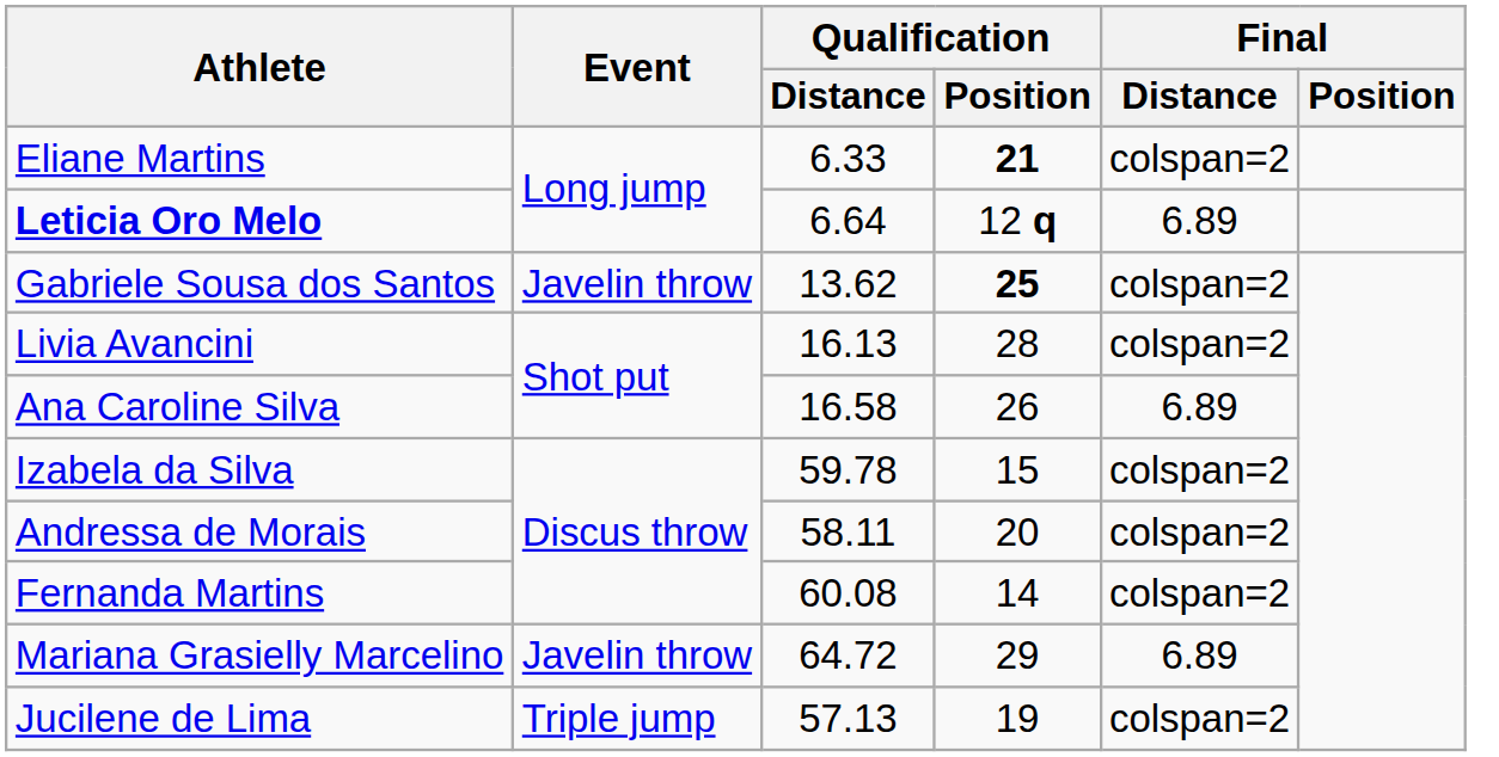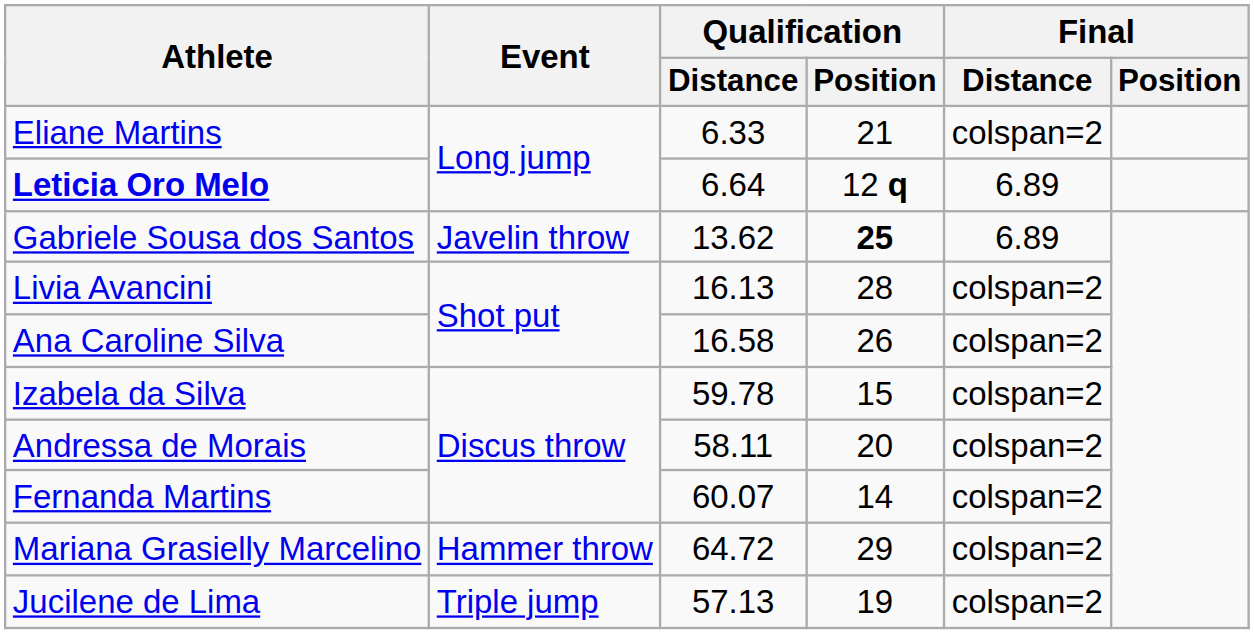 <table class=wikitable style=font-size:90%>
 <tr>
 <th rowspan=2>Athlete</th>
 <th rowspan=2>Event</th>
 <th colspan=2>Qualification</th>
 <th colspan=2>Final</th>
 </tr>
 <tr style=font-size:95%>
 <th>Distance</th>
 <th>Position</th>
 <th>Distance</th>
 <th>Position</th>
 </tr>
 <tr align=center>
 <td align=left><a href='#'>Eliane Martins</a></td>
 <td align=left rowspan=2><a href='#'>Long jump</a></td>
 <td>6.33</td>
-<td><strong>21</strong></td>
+<td>21</td>
 <td>colspan=2 </td>
 </tr>
 <tr align=center>
 <td align=left><strong><a href='#'>Leticia Oro Melo</a></strong></td>
 <td>6.64 </td>
 <td>12 <strong>q</strong></td>
 <td>6.89 </td>
 <td></td>
 </tr>
 <tr align=center>
 <td align=left><a href='#'>Gabriele Sousa dos Santos</a></td>
 <td align=left><a href='#'>Javelin throw</a></td>
 <td>13.62</td>
 <td><strong>25</strong></td>
-<td>colspan=2 </td>
+<td>6.89 </td>
 </tr>
 <tr align=center>
 <td align=left><a href='#'>Livia Avancini</a></td>
 <td align=left rowspan=2><a href='#'>Shot put</a></td>
 <td>16.13</td>
 <td>28</td>
 <td>colspan=2 </td>
 </tr>
 <tr align=center>
 <td align=left><a href='#'>Ana Caroline Silva</a></td>
 <td>16.58</td>
 <td>26</td>
-<td>6.89 </td>
+<td>colspan=2 </td>
 </tr>
 <tr align=center>
 <td align=left><a href='#'>Izabela da Silva</a></td>
 <td align=left rowspan=3><a href='#'>Discus throw</a></td>
 <td>59.78</td>
 <td>15</td>
 <td>colspan=2 </td>
 </tr>
 <tr align=center>
 <td align=left><a href='#'>Andressa de Morais</a></td>
 <td>58.11</td>
 <td>20</td>
 <td>colspan=2 </td>
 </tr>
 <tr align=center>
 <td align=left><a href='#'>Fernanda Martins</a></td>
-<td>60.08</td>
+<td>60.07</td>
 <td>14</td>
 <td>colspan=2 </td>
 </tr>
 <tr align=center>
 <td align=left><a href='#'>Mariana Grasielly Marcelino</a></td>
-<td align=left><a href='#'>Javelin throw</a></td>
+<td align=left><a href='#'>Hammer throw</a></td>
 <td>64.72</td>
 <td>29</td>
-<td>6.89 </td>
+<td>colspan=2 </td>
 </tr>
 <tr align=center>
 <td align=left><a href='#'>Jucilene de Lima</a></td>
 <td align=left><a href='#'>Triple jump</a></td>
 <td>57.13</td>
 <td>19</td>
 <td>colspan=2 </td>
 </tr>
 </table>
